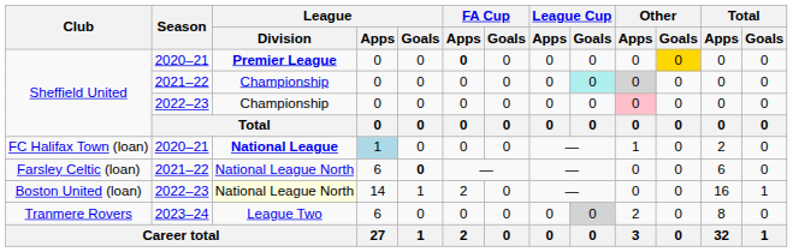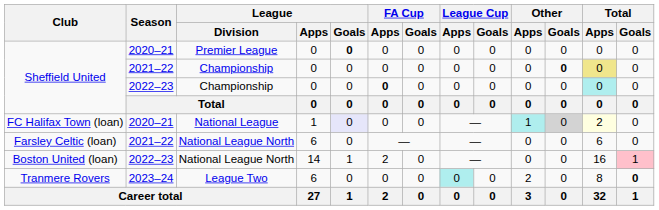 <table class="wikitable" style="text-align: center">
 <tr>
 <th rowspan="2">Club</th>
 <th rowspan="2">Season</th>
 <th colspan="3">League</th>
 <th colspan="2"><a href='#'>FA Cup</a></th>
 <th colspan="2"><a href='#'>League Cup</a></th>
 <th colspan="2">Other</th>
 <th colspan="2">Total</th>
 </tr>
 <tr>
 <th>Division</th>
 <th>Apps</th>
 <th>Goals</th>
 <th>Apps</th>
 <th>Goals</th>
 <th>Apps</th>
 <th>Goals</th>
 <th>Apps</th>
 <th>Goals</th>
 <th>Apps</th>
 <th>Goals</th>
 </tr>
 <tr>
 <td rowspan="4"><a href='#'>Sheffield United</a></td>
 <td><a href='#'>2020–21</a></td>
-<td><strong><a href='#'>Premier League</a></strong></td>
-<td>0</td>
+<td><a href='#'>Premier League</a></td>
 <td>0</td>
 <td><strong>0</strong></td>
 <td>0</td>
 <td>0</td>
 <td>0</td>
 <td>0</td>
-<td style="background: gold;">0</td>
+<td>0</td>
+<td>0</td>
 <td>0</td>
 <td>0</td>
 </tr>
 <tr>
 <td><a href='#'>2021–22</a></td>
 <td><a href='#'>Championship</a></td>
 <td>0</td>
 <td>0</td>
 <td>0</td>
 <td>0</td>
 <td>0</td>
-<td style="background: paleturquoise;">0</td>
-<td style="background: lightgrey;">0</td>
 <td>0</td>
 <td>0</td>
+<td><strong>0</strong></td>
+<td style="background: khaki;">0</td>
 <td>0</td>
 </tr>
 <tr>
 <td><a href='#'>2022–23</a></td>
 <td>Championship</td>
 <td>0</td>
 <td>0</td>
+<td><strong>0</strong></td>
 <td>0</td>
 <td>0</td>
 <td>0</td>
 <td>0</td>
-<td style="background: pink;">0</td>
 <td>0</td>
-<td>0</td>
+<td style="background: paleturquoise;">0</td>
 <td>0</td>
 </tr>
 <tr>
 <th colspan="2">Total</th>
 <th>0</th>
 <th>0</th>
 <th>0</th>
 <th>0</th>
 <th>0</th>
 <th>0</th>
 <th>0</th>
 <th>0</th>
 <th>0</th>
 <th>0</th>
 </tr>
 <tr>
 <td><a href='#'>FC Halifax Town</a> (loan)</td>
 <td><a href='#'>2020–21</a></td>
-<td><strong><a href='#'>National League</a></strong></td>
-<td style="background: lightblue;">1</td>
-<td>0</td>
+<td><a href='#'>National League</a></td>
+<td>1</td>
+<td style="background: lavender;">0</td>
 <td>0</td>
 <td>0</td>
 <td colspan="2">—</td>
-<td>1</td>
-<td>0</td>
-<td>2</td>
+<td style="background: paleturquoise;">1</td>
+<td style="background: lightgrey;">0</td>
+<td style="background: lightyellow;">2</td>
 <td>0</td>
 </tr>
 <tr>
 <td><a href='#'>Farsley Celtic</a> (loan)</td>
 <td><a href='#'>2021–22</a></td>
 <td><a href='#'>National League North</a></td>
 <td>6</td>
-<td><strong>0</strong></td>
+<td>0</td>
 <td colspan="2">—</td>
 <td colspan="2">—</td>
 <td>0</td>
 <td>0</td>
 <td>6</td>
 <td>0</td>
 </tr>
 <tr>
 <td><a href='#'>Boston United</a> (loan)</td>
 <td><a href='#'>2022–23</a></td>
-<td style="background: lightyellow;">National League North</td>
+<td>National League North</td>
 <td>14</td>
 <td>1</td>
 <td>2</td>
 <td>0</td>
 <td colspan="2">—</td>
 <td>0</td>
 <td>0</td>
 <td>16</td>
-<td>1</td>
+<td style="background: pink;">1</td>
 </tr>
 <tr>
 <td><a href='#'>Tranmere Rovers</a></td>
 <td><a href='#'>2023–24</a></td>
 <td><a href='#'>League Two</a></td>
 <td>6</td>
 <td>0</td>
 <td>0</td>
 <td>0</td>
+<td style="background: paleturquoise;">0</td>
 <td>0</td>
-<td style="background: lightgrey;">0</td>
 <td>2</td>
 <td>0</td>
 <td>8</td>
-<td>0</td>
+<td><strong>0</strong></td>
 </tr>
 <tr>
 <th colspan="3">Career total</th>
 <th>27</th>
 <th>1</th>
 <th>2</th>
 <th>0</th>
 <th>0</th>
 <th>0</th>
 <th>3</th>
 <th>0</th>
 <th>32</th>
 <th>1</th>
 </tr>
 </table>
